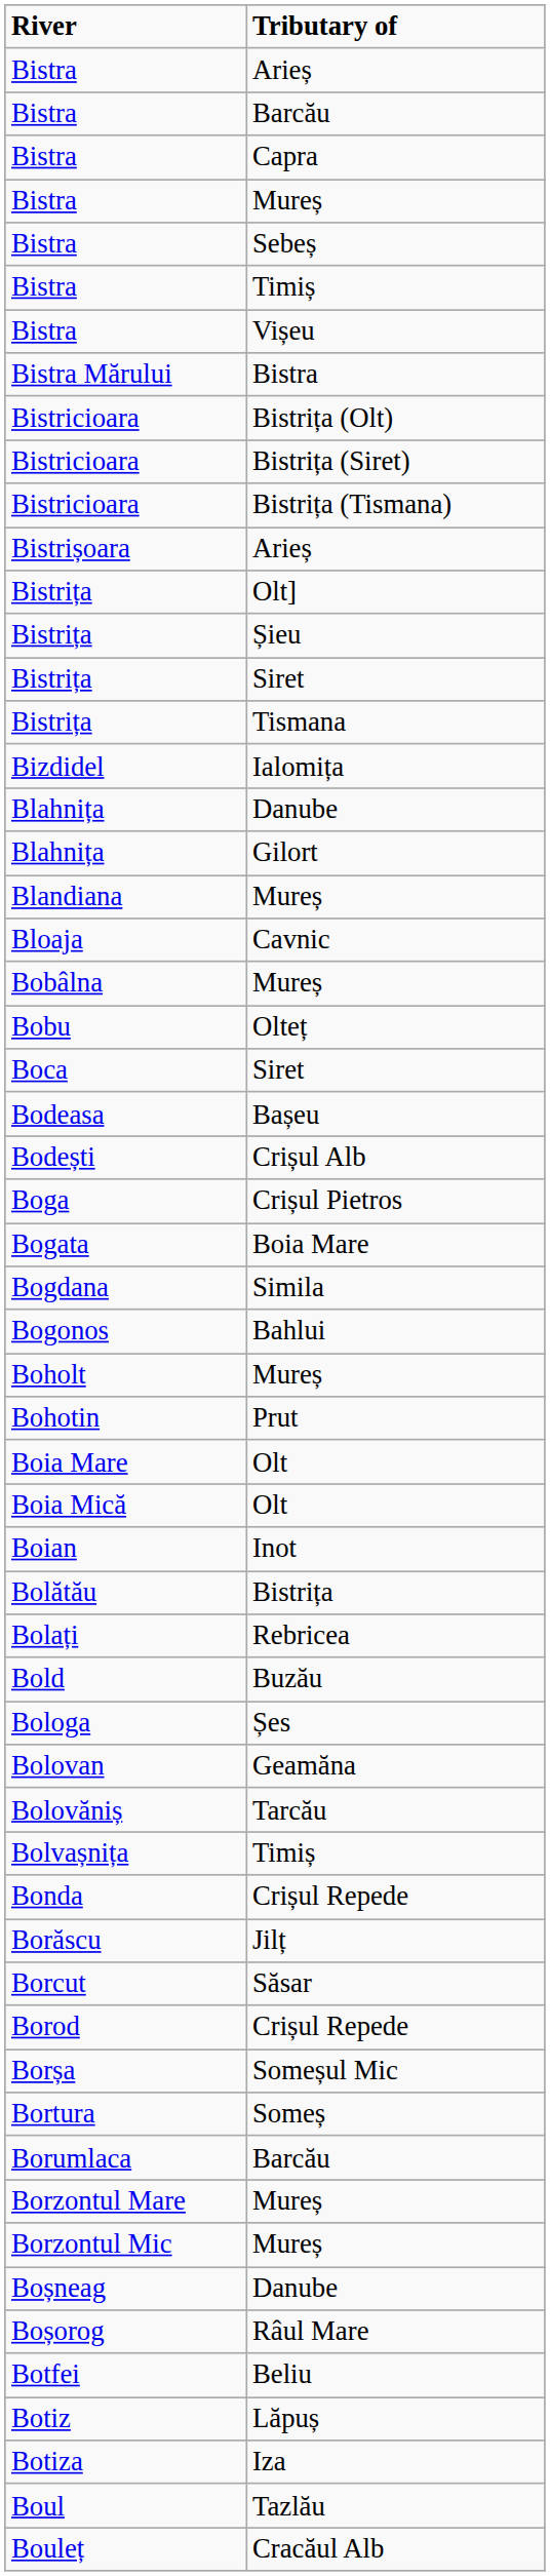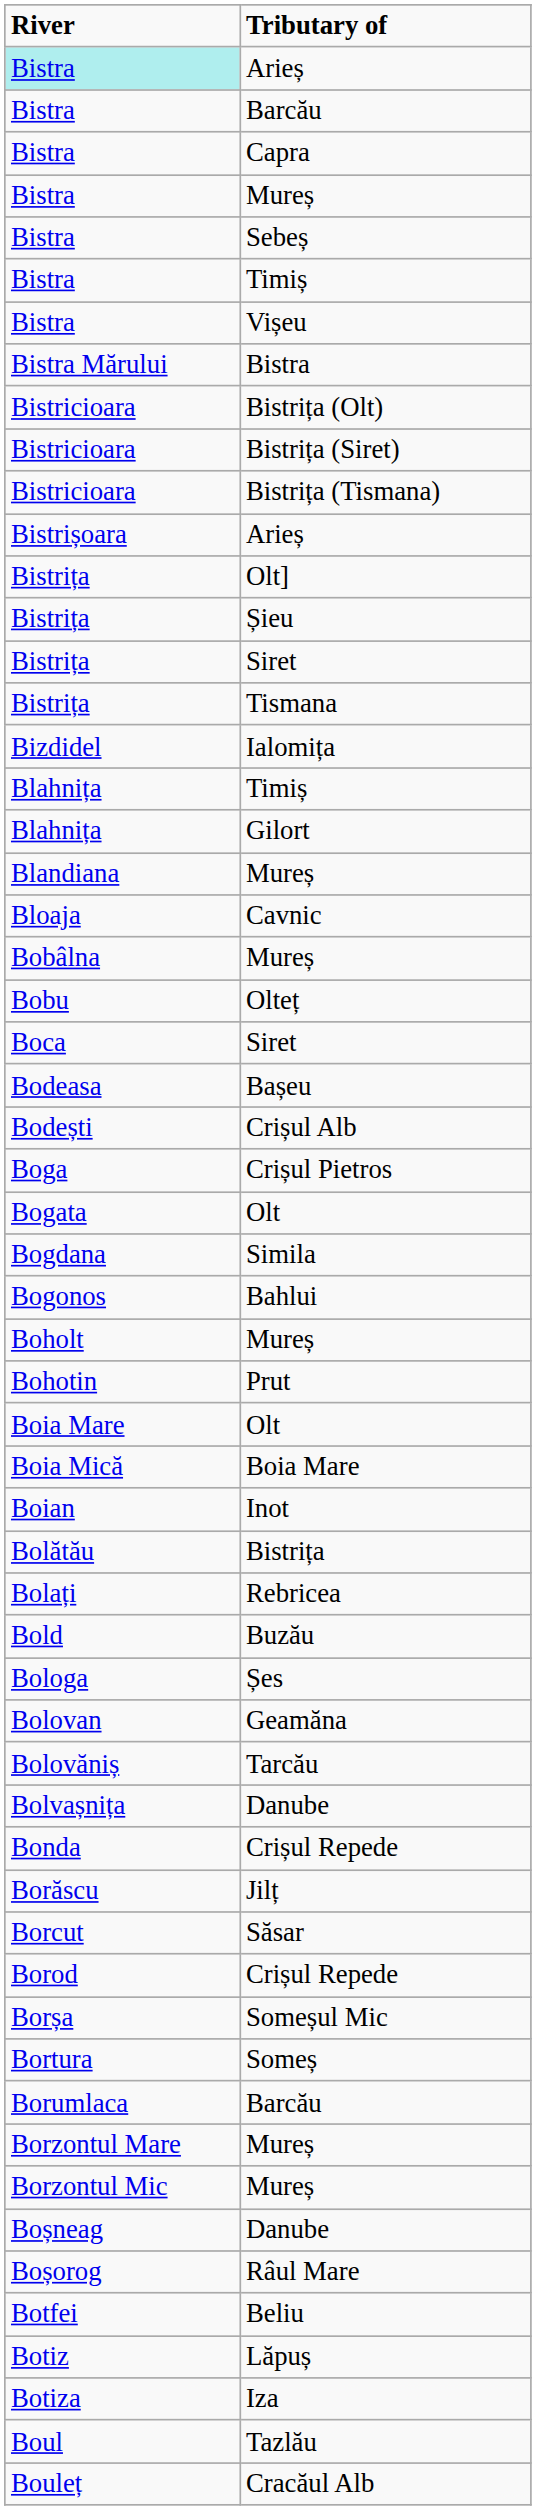 <table class="wikitable">
 <tr>
 <td style="width:100pt;"><strong>River</strong></td>
 <td style="width:125pt;"><strong>Tributary of</strong></td>
 </tr>
 <tr>
-<td><a href='#'>Bistra</a></td>
+<td style="background: paleturquoise;"><a href='#'>Bistra</a></td>
 <td>Arieș</td>
 </tr>
 <tr>
 <td><a href='#'>Bistra</a></td>
 <td>Barcău</td>
 </tr>
 <tr>
 <td><a href='#'>Bistra</a></td>
 <td>Capra</td>
 </tr>
 <tr>
 <td><a href='#'>Bistra</a></td>
 <td>Mureș</td>
 </tr>
 <tr>
 <td><a href='#'>Bistra</a></td>
 <td>Sebeș</td>
 </tr>
 <tr>
 <td><a href='#'>Bistra</a></td>
 <td>Timiș</td>
 </tr>
 <tr>
 <td><a href='#'>Bistra</a></td>
 <td>Vișeu</td>
 </tr>
 <tr>
 <td><a href='#'>Bistra Mărului</a></td>
 <td>Bistra</td>
 </tr>
 <tr>
 <td><a href='#'>Bistricioara</a></td>
 <td>Bistrița (Olt)</td>
 </tr>
 <tr>
 <td><a href='#'>Bistricioara</a></td>
 <td>Bistrița (Siret)</td>
 </tr>
 <tr>
 <td><a href='#'>Bistricioara</a></td>
 <td>Bistrița (Tismana)</td>
 </tr>
 <tr>
 <td><a href='#'>Bistrișoara</a></td>
 <td>Arieș</td>
 </tr>
 <tr>
 <td><a href='#'>Bistrița</a></td>
 <td>Olt]</td>
 </tr>
 <tr>
 <td><a href='#'>Bistrița</a></td>
 <td>Șieu</td>
 </tr>
 <tr>
 <td><a href='#'>Bistrița</a></td>
 <td>Siret</td>
 </tr>
 <tr>
 <td><a href='#'>Bistrița</a></td>
 <td>Tismana</td>
 </tr>
 <tr>
 <td><a href='#'>Bizdidel</a></td>
 <td>Ialomița</td>
 </tr>
 <tr>
 <td><a href='#'>Blahnița</a></td>
-<td>Danube</td>
+<td>Timiș</td>
 </tr>
 <tr>
 <td><a href='#'>Blahnița</a></td>
 <td>Gilort</td>
 </tr>
 <tr>
 <td><a href='#'>Blandiana</a></td>
 <td>Mureș</td>
 </tr>
 <tr>
 <td><a href='#'>Bloaja</a></td>
 <td>Cavnic</td>
 </tr>
 <tr>
 <td><a href='#'>Bobâlna</a></td>
 <td>Mureș</td>
 </tr>
 <tr>
 <td><a href='#'>Bobu</a></td>
 <td>Olteț</td>
 </tr>
 <tr>
 <td><a href='#'>Boca</a></td>
 <td>Siret</td>
 </tr>
 <tr>
 <td><a href='#'>Bodeasa</a></td>
 <td>Bașeu</td>
 </tr>
 <tr>
 <td><a href='#'>Bodești</a></td>
 <td>Crișul Alb</td>
 </tr>
 <tr>
 <td><a href='#'>Boga</a></td>
 <td>Crișul Pietros</td>
 </tr>
 <tr>
 <td><a href='#'>Bogata</a></td>
-<td>Boia Mare</td>
+<td>Olt</td>
 </tr>
 <tr>
 <td><a href='#'>Bogdana</a></td>
 <td>Simila</td>
 </tr>
 <tr>
 <td><a href='#'>Bogonos</a></td>
 <td>Bahlui</td>
 </tr>
 <tr>
 <td><a href='#'>Boholt</a></td>
 <td>Mureș</td>
 </tr>
 <tr>
 <td><a href='#'>Bohotin</a></td>
 <td>Prut</td>
 </tr>
 <tr>
 <td><a href='#'>Boia Mare</a></td>
 <td>Olt</td>
 </tr>
 <tr>
 <td><a href='#'>Boia Mică</a></td>
-<td>Olt</td>
+<td>Boia Mare</td>
 </tr>
 <tr>
 <td><a href='#'>Boian</a></td>
 <td>Inot</td>
 </tr>
 <tr>
 <td><a href='#'>Bolătău</a></td>
 <td>Bistrița</td>
 </tr>
 <tr>
 <td><a href='#'>Bolați</a></td>
 <td>Rebricea</td>
 </tr>
 <tr>
 <td><a href='#'>Bold</a></td>
 <td>Buzău</td>
 </tr>
 <tr>
 <td><a href='#'>Bologa</a></td>
 <td>Șes</td>
 </tr>
 <tr>
 <td><a href='#'>Bolovan</a></td>
 <td>Geamăna</td>
 </tr>
 <tr>
 <td><a href='#'>Bolovăniș</a></td>
 <td>Tarcău</td>
 </tr>
 <tr>
 <td><a href='#'>Bolvașnița</a></td>
-<td>Timiș</td>
+<td>Danube</td>
 </tr>
 <tr>
 <td><a href='#'>Bonda</a></td>
 <td>Crișul Repede</td>
 </tr>
 <tr>
 <td><a href='#'>Borăscu</a></td>
 <td>Jilț</td>
 </tr>
 <tr>
 <td><a href='#'>Borcut</a></td>
 <td>Săsar</td>
 </tr>
 <tr>
 <td><a href='#'>Borod</a></td>
 <td>Crișul Repede</td>
 </tr>
 <tr>
 <td><a href='#'>Borșa</a></td>
 <td>Someșul Mic</td>
 </tr>
 <tr>
 <td><a href='#'>Bortura</a></td>
 <td>Someș</td>
 </tr>
 <tr>
 <td><a href='#'>Borumlaca</a></td>
 <td>Barcău</td>
 </tr>
 <tr>
 <td><a href='#'>Borzontul Mare</a></td>
 <td>Mureș</td>
 </tr>
 <tr>
 <td><a href='#'>Borzontul Mic</a></td>
 <td>Mureș</td>
 </tr>
 <tr>
 <td><a href='#'>Boșneag</a></td>
 <td>Danube</td>
 </tr>
 <tr>
 <td><a href='#'>Boșorog</a></td>
 <td>Râul Mare</td>
 </tr>
 <tr>
 <td><a href='#'>Botfei</a></td>
 <td>Beliu</td>
 </tr>
 <tr>
 <td><a href='#'>Botiz</a></td>
 <td>Lăpuș</td>
 </tr>
 <tr>
 <td><a href='#'>Botiza</a></td>
 <td>Iza</td>
 </tr>
 <tr>
 <td><a href='#'>Boul</a></td>
 <td>Tazlău</td>
 </tr>
 <tr>
 <td><a href='#'>Bouleț</a></td>
 <td>Cracăul Alb</td>
 </tr>
 </table>
